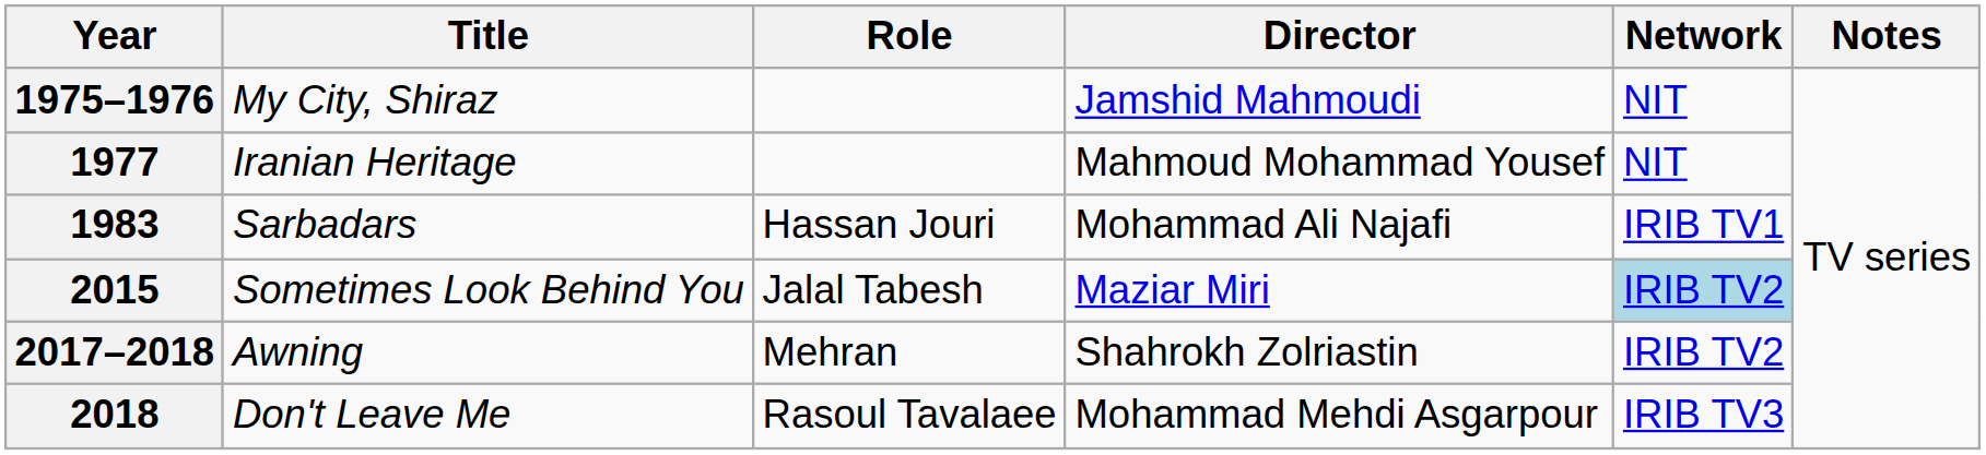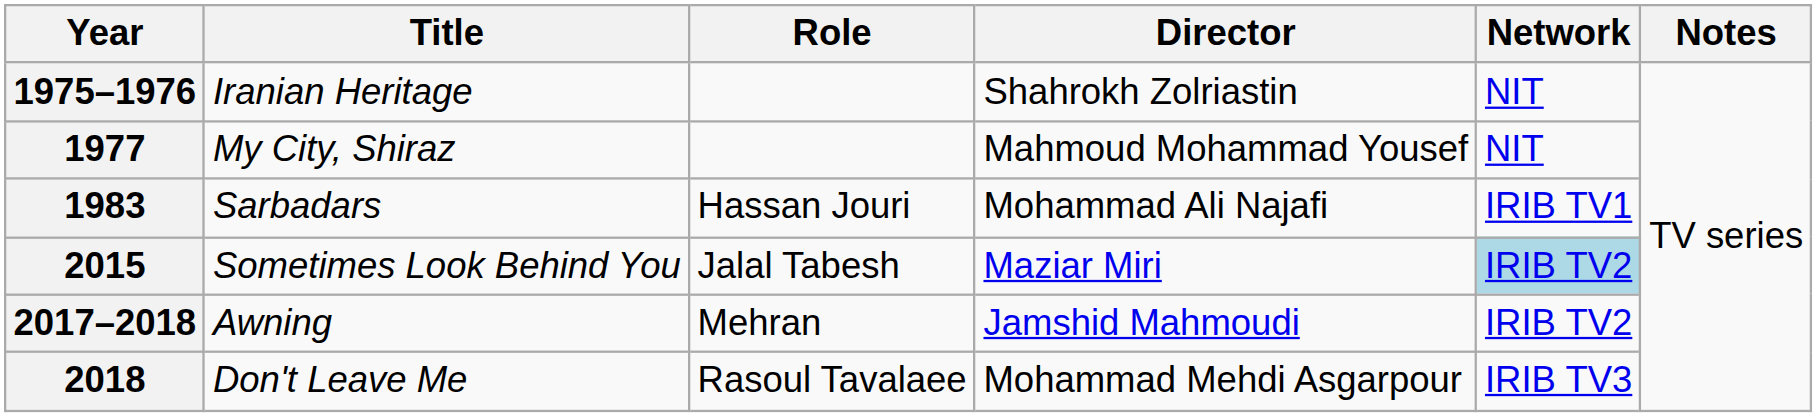 <table class="wikitable plainrowheaders sortable" style="font-size:100%">
 <tr>
 <th scope="col">Year</th>
 <th scope="col">Title</th>
 <th scope="col">Role</th>
 <th scope="col">Director</th>
 <th class="unsortable" scope="col">Network</th>
 <th scope="col">Notes</th>
 </tr>
 <tr>
 <th scope="row">1975–1976</th>
-<td><em>My City, Shiraz</em></td>
+<td><em>Iranian Heritage</em></td>
 <td></td>
-<td><a href='#'>Jamshid Mahmoudi</a></td>
+<td>Shahrokh Zolriastin</td>
 <td><a href='#'>NIT</a></td>
 <td rowspan="6">TV series</td>
 </tr>
 <tr>
 <th scope="row">1977</th>
-<td><em>Iranian Heritage</em></td>
+<td><em>My City, Shiraz</em></td>
 <td></td>
 <td>Mahmoud Mohammad Yousef</td>
 <td><a href='#'>NIT</a></td>
 </tr>
 <tr>
 <th scope="row">1983</th>
 <td><em>Sarbadars</em></td>
 <td>Hassan Jouri</td>
 <td>Mohammad Ali Najafi</td>
 <td><a href='#'>IRIB TV1</a></td>
 </tr>
 <tr>
 <th scope="row">2015</th>
 <td><em>Sometimes Look Behind You</em></td>
 <td>Jalal Tabesh</td>
 <td><a href='#'>Maziar Miri</a></td>
 <td style="background: lightblue;"><a href='#'>IRIB TV2</a></td>
 </tr>
 <tr>
 <th scope="row">2017–2018</th>
 <td><em>Awning</em></td>
 <td>Mehran</td>
-<td>Shahrokh Zolriastin</td>
+<td><a href='#'>Jamshid Mahmoudi</a></td>
 <td><a href='#'>IRIB TV2</a></td>
 </tr>
 <tr>
 <th scope="row">2018</th>
 <td><em>Don't Leave Me</em></td>
 <td>Rasoul Tavalaee</td>
 <td>Mohammad Mehdi Asgarpour</td>
 <td><a href='#'>IRIB TV3</a></td>
 </tr>
 </table>
